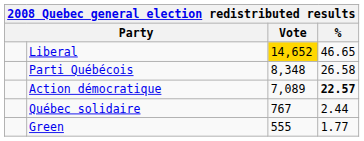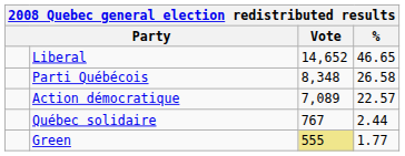 <table class="wikitable">
 <tr>
 <th colspan="4"><a href='#'>2008 Quebec general election</a> redistributed results</th>
 </tr>
 <tr>
 <th bgcolor="#DDDDFF" width="230px" colspan="2">Party</th>
 <th bgcolor="#DDDDFF" width="50px">Vote</th>
 <th bgcolor="#DDDDFF" width="30px">%</th>
 </tr>
 <tr>
 <td> </td>
 <td><a href='#'>Liberal</a></td>
-<td style="background: gold;">14,652</td>
+<td>14,652</td>
 <td>46.65</td>
 </tr>
 <tr>
 <td> </td>
 <td><a href='#'>Parti Québécois</a></td>
 <td>8,348</td>
 <td>26.58</td>
 </tr>
 <tr>
 <td> </td>
 <td><a href='#'>Action démocratique</a></td>
 <td>7,089</td>
-<td><strong>22.57</strong></td>
+<td>22.57</td>
 </tr>
 <tr>
 <td> </td>
 <td><a href='#'>Québec solidaire</a></td>
 <td>767</td>
 <td>2.44</td>
 </tr>
 <tr>
 <td> </td>
 <td><a href='#'>Green</a></td>
-<td>555</td>
+<td style="background: khaki;">555</td>
 <td>1.77</td>
 </tr>
 </table>
